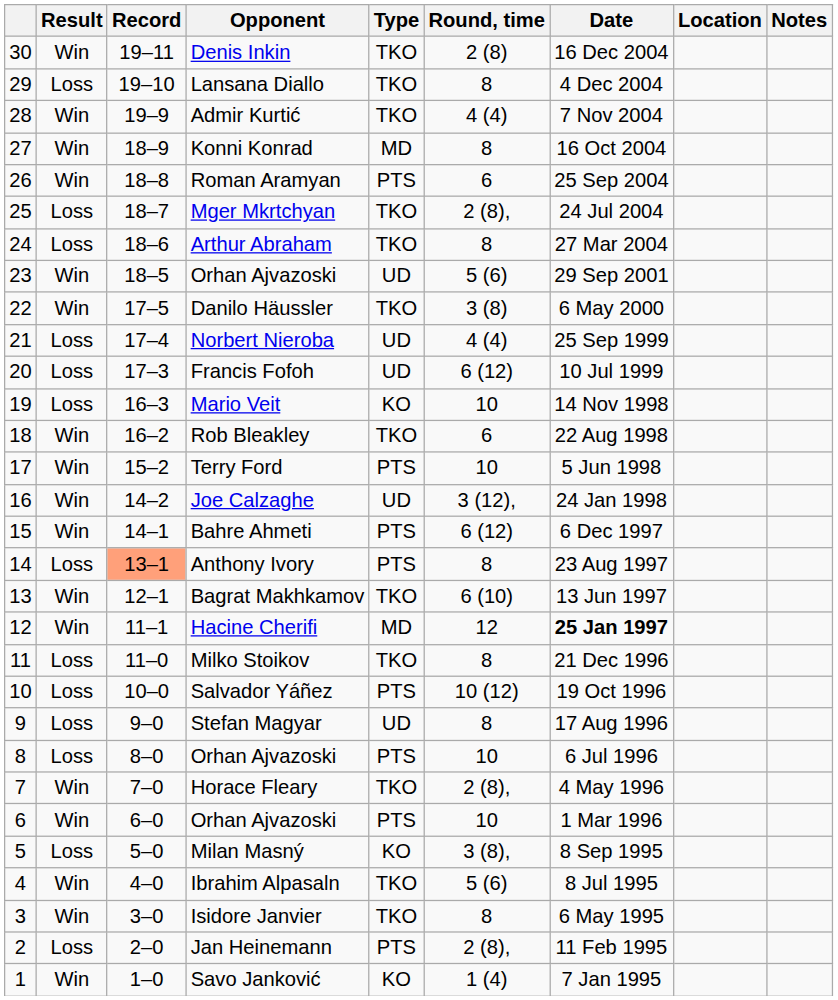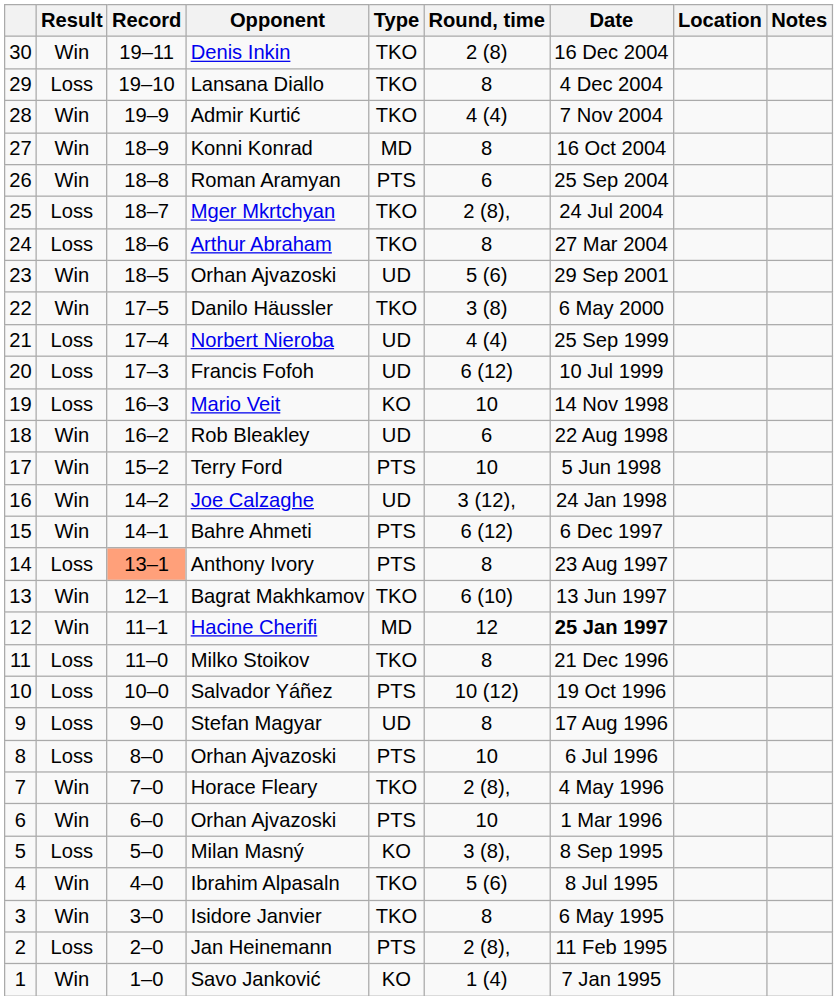 <table class="wikitable" style="text-align:center">
 <tr>
 <th></th>
 <th>Result</th>
 <th>Record</th>
 <th>Opponent</th>
 <th>Type</th>
 <th>Round, time</th>
 <th>Date</th>
 <th>Location</th>
 <th>Notes</th>
 </tr>
 <tr>
 <td>30</td>
 <td>Win</td>
 <td>19–11</td>
 <td style="text-align:left;"><a href='#'>Denis Inkin</a></td>
 <td>TKO</td>
 <td>2 (8)</td>
 <td>16 Dec 2004</td>
 <td style="text-align:left;"></td>
 <td></td>
 </tr>
 <tr>
 <td>29</td>
 <td>Loss</td>
 <td>19–10</td>
 <td style="text-align:left;">Lansana Diallo</td>
 <td>TKO</td>
 <td>8</td>
 <td>4 Dec 2004</td>
 <td style="text-align:left;"></td>
 <td></td>
 </tr>
 <tr>
 <td>28</td>
 <td>Win</td>
 <td>19–9</td>
 <td style="text-align:left;">Admir Kurtić</td>
 <td>TKO</td>
 <td>4 (4)</td>
 <td>7 Nov 2004</td>
 <td style="text-align:left;"></td>
 <td></td>
 </tr>
 <tr>
 <td>27</td>
 <td>Win</td>
 <td>18–9</td>
 <td style="text-align:left;">Konni Konrad</td>
 <td>MD</td>
 <td>8</td>
 <td>16 Oct 2004</td>
 <td style="text-align:left;"></td>
 <td></td>
 </tr>
 <tr>
 <td>26</td>
 <td>Win</td>
 <td>18–8</td>
 <td style="text-align:left;">Roman Aramyan</td>
 <td>PTS</td>
 <td>6</td>
 <td>25 Sep 2004</td>
 <td style="text-align:left;"></td>
 <td></td>
 </tr>
 <tr>
 <td>25</td>
 <td>Loss</td>
 <td>18–7</td>
 <td style="text-align:left;"><a href='#'>Mger Mkrtchyan</a></td>
 <td>TKO</td>
 <td>2 (8), </td>
 <td>24 Jul 2004</td>
 <td style="text-align:left;"></td>
 <td></td>
 </tr>
 <tr>
 <td>24</td>
 <td>Loss</td>
 <td>18–6</td>
 <td style="text-align:left;"><a href='#'>Arthur Abraham</a></td>
 <td>TKO</td>
 <td>8</td>
 <td>27 Mar 2004</td>
 <td style="text-align:left;"></td>
 <td></td>
 </tr>
 <tr>
 <td>23</td>
 <td>Win</td>
 <td>18–5</td>
 <td style="text-align:left;">Orhan Ajvazoski</td>
 <td>UD</td>
 <td>5 (6)</td>
 <td>29 Sep 2001</td>
 <td style="text-align:left;"></td>
 <td></td>
 </tr>
 <tr>
 <td>22</td>
 <td>Win</td>
 <td>17–5</td>
 <td style="text-align:left;">Danilo Häussler</td>
 <td>TKO</td>
 <td>3 (8)</td>
 <td>6 May 2000</td>
 <td style="text-align:left;"></td>
 <td></td>
 </tr>
 <tr>
 <td>21</td>
 <td>Loss</td>
 <td>17–4</td>
 <td style="text-align:left;"><a href='#'>Norbert Nieroba</a></td>
 <td>UD</td>
 <td>4 (4)</td>
 <td>25 Sep 1999</td>
 <td style="text-align:left;"></td>
 <td></td>
 </tr>
 <tr>
 <td>20</td>
 <td>Loss</td>
 <td>17–3</td>
 <td style="text-align:left;">Francis Fofoh</td>
 <td>UD</td>
 <td>6 (12)</td>
 <td>10 Jul 1999</td>
 <td style="text-align:left;"></td>
 <td style="text-align:left;"></td>
 </tr>
 <tr>
 <td>19</td>
 <td>Loss</td>
 <td>16–3</td>
 <td style="text-align:left;"><a href='#'>Mario Veit</a></td>
 <td>KO</td>
 <td>10</td>
 <td>14 Nov 1998</td>
 <td style="text-align:left;"></td>
 <td style="text-align:left;"></td>
 </tr>
 <tr>
 <td>18</td>
 <td>Win</td>
 <td>16–2</td>
 <td style="text-align:left;">Rob Bleakley</td>
-<td>TKO</td>
+<td>UD</td>
 <td>6</td>
 <td>22 Aug 1998</td>
 <td style="text-align:left;"></td>
 <td></td>
 </tr>
 <tr>
 <td>17</td>
 <td>Win</td>
 <td>15–2</td>
 <td style="text-align:left;">Terry Ford</td>
 <td>PTS</td>
 <td>10</td>
 <td>5 Jun 1998</td>
 <td style="text-align:left;"></td>
 <td></td>
 </tr>
 <tr>
 <td>16</td>
 <td>Win</td>
 <td>14–2</td>
 <td style="text-align:left;"><a href='#'>Joe Calzaghe</a></td>
 <td>UD</td>
 <td>3 (12), </td>
 <td>24 Jan 1998</td>
 <td style="text-align:left;"></td>
 <td style="text-align:left;"></td>
 </tr>
 <tr>
 <td>15</td>
 <td>Win</td>
 <td>14–1</td>
 <td style="text-align:left;">Bahre Ahmeti</td>
 <td>PTS</td>
 <td>6 (12)</td>
 <td>6 Dec 1997</td>
 <td style="text-align:left;"></td>
 <td style="text-align:left;"></td>
 </tr>
 <tr>
 <td>14</td>
 <td>Loss</td>
 <td style="background: lightsalmon;">13–1</td>
 <td style="text-align:left;">Anthony Ivory</td>
 <td>PTS</td>
 <td>8</td>
 <td>23 Aug 1997</td>
 <td style="text-align:left;"></td>
 <td></td>
 </tr>
 <tr>
 <td>13</td>
 <td>Win</td>
 <td>12–1</td>
 <td style="text-align:left;">Bagrat Makhkamov</td>
 <td>TKO</td>
 <td>6 (10)</td>
 <td>13 Jun 1997</td>
 <td style="text-align:left;"></td>
 <td style="text-align:left;"></td>
 </tr>
 <tr>
 <td>12</td>
 <td>Win</td>
 <td>11–1</td>
 <td style="text-align:left;"><a href='#'>Hacine Cherifi</a></td>
 <td>MD</td>
 <td>12</td>
 <td><strong>25 Jan 1997</strong></td>
 <td style="text-align:left;"></td>
 <td style="text-align:left;"></td>
 </tr>
 <tr>
 <td>11</td>
 <td>Loss</td>
 <td>11–0</td>
 <td style="text-align:left;">Milko Stoikov</td>
 <td>TKO</td>
 <td>8</td>
 <td>21 Dec 1996</td>
 <td style="text-align:left;"></td>
 <td></td>
 </tr>
 <tr>
 <td>10</td>
 <td>Loss</td>
 <td>10–0</td>
 <td style="text-align:left;">Salvador Yáñez</td>
 <td>PTS</td>
 <td>10 (12)</td>
 <td>19 Oct 1996</td>
 <td style="text-align:left;"></td>
 <td style="text-align:left;"></td>
 </tr>
 <tr>
 <td>9</td>
 <td>Loss</td>
 <td>9–0</td>
 <td style="text-align:left;">Stefan Magyar</td>
 <td>UD</td>
 <td>8</td>
 <td>17 Aug 1996</td>
 <td style="text-align:left;"></td>
 <td></td>
 </tr>
 <tr>
 <td>8</td>
 <td>Loss</td>
 <td>8–0</td>
 <td style="text-align:left;">Orhan Ajvazoski</td>
 <td>PTS</td>
 <td>10</td>
 <td>6 Jul 1996</td>
 <td style="text-align:left;"></td>
 <td style="text-align:left;"></td>
 </tr>
 <tr>
 <td>7</td>
 <td>Win</td>
 <td>7–0</td>
 <td style="text-align:left;">Horace Fleary</td>
 <td>TKO</td>
 <td>2 (8), </td>
 <td>4 May 1996</td>
 <td style="text-align:left;"></td>
 <td style="text-align:left;"></td>
 </tr>
 <tr>
 <td>6</td>
 <td>Win</td>
 <td>6–0</td>
 <td style="text-align:left;">Orhan Ajvazoski</td>
 <td>PTS</td>
 <td>10</td>
 <td>1 Mar 1996</td>
 <td style="text-align:left;"></td>
 <td style="text-align:left;"></td>
 </tr>
 <tr>
 <td>5</td>
 <td>Loss</td>
 <td>5–0</td>
 <td style="text-align:left;">Milan Masný</td>
 <td>KO</td>
 <td>3 (8), </td>
 <td>8 Sep 1995</td>
 <td style="text-align:left;"></td>
 <td></td>
 </tr>
 <tr>
 <td>4</td>
 <td>Win</td>
 <td>4–0</td>
 <td style="text-align:left;">Ibrahim Alpasaln</td>
 <td>TKO</td>
 <td>5 (6)</td>
 <td>8 Jul 1995</td>
 <td style="text-align:left;"></td>
 <td></td>
 </tr>
 <tr>
 <td>3</td>
 <td>Win</td>
 <td>3–0</td>
 <td style="text-align:left;">Isidore Janvier</td>
 <td>TKO</td>
 <td>8</td>
 <td>6 May 1995</td>
 <td style="text-align:left;"></td>
 <td></td>
 </tr>
 <tr>
 <td>2</td>
 <td>Loss</td>
 <td>2–0</td>
 <td style="text-align:left;">Jan Heinemann</td>
 <td>PTS</td>
 <td>2 (8), </td>
 <td>11 Feb 1995</td>
 <td style="text-align:left;"></td>
 <td></td>
 </tr>
 <tr>
 <td>1</td>
 <td>Win</td>
 <td>1–0</td>
 <td style="text-align:left;">Savo Janković</td>
 <td>KO</td>
 <td>1 (4)</td>
 <td>7 Jan 1995</td>
 <td style="text-align:left;"></td>
 <td></td>
 </tr>
 </table>
